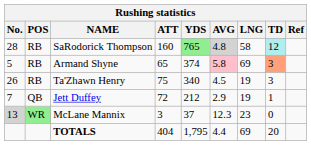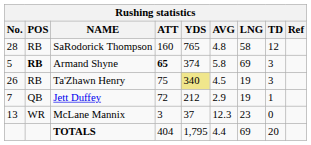 <table class="wikitable collapsible collapsed">
 <tr>
 <th colspan="9">Rushing statistics</th>
 </tr>
 <tr>
 <th>No.</th>
 <th>POS</th>
 <th>NAME</th>
 <th>ATT</th>
 <th>YDS</th>
 <th>AVG</th>
 <th>LNG</th>
 <th>TD</th>
 <th>Ref</th>
 </tr>
 <tr>
 <td>28</td>
 <td>RB</td>
 <td>SaRodorick Thompson</td>
 <td>160</td>
-<td style="background: lightgreen;">765</td>
-<td style="background: lightgrey;">4.8</td>
+<td>765</td>
+<td>4.8</td>
 <td>58</td>
-<td style="background: paleturquoise;">12</td>
+<td>12</td>
 <td></td>
 </tr>
 <tr>
 <td>5</td>
-<td>RB</td>
+<td><strong>RB</strong></td>
 <td>Armand Shyne</td>
-<td>65</td>
+<td><strong>65</strong></td>
 <td>374</td>
-<td style="background: pink;">5.8</td>
+<td>5.8</td>
 <td>69</td>
-<td style="background: lightsalmon;">3</td>
+<td>3</td>
 <td></td>
 </tr>
 <tr>
 <td>26</td>
 <td>RB</td>
 <td>Ta'Zhawn Henry</td>
 <td>75</td>
-<td>340</td>
+<td style="background: khaki;">340</td>
 <td>4.5</td>
 <td>19</td>
 <td>3</td>
 <td></td>
 </tr>
 <tr>
 <td>7</td>
 <td>QB</td>
 <td><a href='#'>Jett Duffey</a></td>
 <td>72</td>
 <td>212</td>
 <td>2.9</td>
 <td>19</td>
 <td>1</td>
 <td></td>
 </tr>
 <tr>
-<td style="background: lightgrey;">13</td>
-<td style="background: lightgreen;">WR</td>
+<td>13</td>
+<td>WR</td>
 <td>McLane Mannix</td>
 <td>3</td>
 <td>37</td>
 <td>12.3</td>
 <td>23</td>
 <td>0</td>
 <td></td>
 </tr>
 <tr>
 <td></td>
 <td></td>
 <td><strong>TOTALS</strong></td>
 <td>404</td>
 <td>1,795</td>
 <td>4.4</td>
 <td>69</td>
 <td>20</td>
 <td></td>
 </tr>
 </table>
